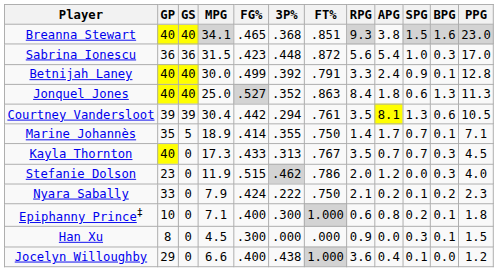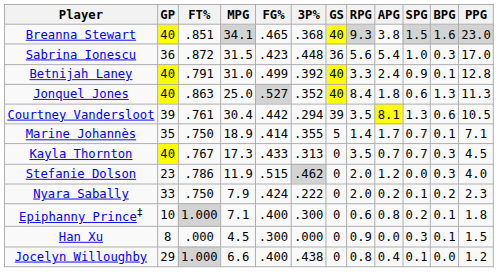 <table class="wikitable sortable" style="text-align:center;">
 <tr>
 <th>Player</th>
 <th>GP</th>
-<th>GS</th>
+<th>FT%</th>
 <th>MPG</th>
 <th>FG%</th>
 <th>3P%</th>
-<th>FT%</th>
+<th>GS</th>
 <th>RPG</th>
 <th>APG</th>
 <th>SPG</th>
 <th>BPG</th>
 <th>PPG</th>
 </tr>
 <tr>
 <td><a href='#'>Breanna Stewart</a></td>
 <td style="background:yellow;">40</td>
-<td style="background:yellow;">40</td>
+<td>.851</td>
 <td style="background:#D3D3D3;">34.1</td>
 <td>.465</td>
 <td>.368</td>
-<td>.851</td>
+<td style="background:yellow;">40</td>
 <td style="background:#D3D3D3;">9.3</td>
 <td>3.8</td>
 <td style="background:#D3D3D3;">1.5</td>
 <td style="background:#D3D3D3;">1.6</td>
 <td style="background:#D3D3D3;">23.0</td>
 </tr>
 <tr>
 <td><a href='#'>Sabrina Ionescu</a></td>
 <td>36</td>
-<td>36</td>
+<td>.872</td>
 <td>31.5</td>
 <td>.423</td>
 <td>.448</td>
-<td>.872</td>
+<td>36</td>
 <td>5.6</td>
 <td>5.4</td>
 <td>1.0</td>
 <td>0.3</td>
 <td>17.0</td>
 </tr>
 <tr>
 <td><a href='#'>Betnijah Laney</a></td>
 <td style="background:yellow;">40</td>
-<td style="background:yellow;">40</td>
-<td>30.0</td>
+<td>.791</td>
+<td>31.0</td>
 <td>.499</td>
 <td>.392</td>
-<td>.791</td>
+<td style="background:yellow;">40</td>
 <td>3.3</td>
 <td>2.4</td>
 <td>0.9</td>
 <td>0.1</td>
 <td>12.8</td>
 </tr>
 <tr>
 <td><a href='#'>Jonquel Jones</a></td>
 <td style="background:yellow;">40</td>
-<td style="background:yellow;">40</td>
+<td>.863</td>
 <td>25.0</td>
 <td style="background:#D3D3D3;">.527</td>
 <td>.352</td>
-<td>.863</td>
+<td style="background:yellow;">40</td>
 <td>8.4</td>
 <td>1.8</td>
 <td>0.6</td>
 <td>1.3</td>
 <td>11.3</td>
 </tr>
 <tr>
 <td><a href='#'>Courtney Vandersloot</a></td>
 <td>39</td>
-<td>39</td>
+<td>.761</td>
 <td>30.4</td>
 <td>.442</td>
 <td>.294</td>
-<td>.761</td>
+<td>39</td>
 <td>3.5</td>
 <td style="background:yellow;">8.1</td>
 <td>1.3</td>
 <td>0.6</td>
 <td>10.5</td>
 </tr>
 <tr>
 <td><a href='#'>Marine Johannès</a></td>
 <td>35</td>
-<td>5</td>
+<td>.750</td>
 <td>18.9</td>
 <td>.414</td>
 <td>.355</td>
-<td>.750</td>
+<td>5</td>
 <td>1.4</td>
 <td>1.7</td>
 <td>0.7</td>
 <td>0.1</td>
 <td>7.1</td>
 </tr>
 <tr>
 <td><a href='#'>Kayla Thornton</a></td>
 <td style="background:yellow;">40</td>
-<td>0</td>
+<td>.767</td>
 <td>17.3</td>
 <td>.433</td>
 <td>.313</td>
-<td>.767</td>
+<td>0</td>
 <td>3.5</td>
 <td>0.7</td>
 <td>0.7</td>
 <td>0.3</td>
 <td>4.5</td>
 </tr>
 <tr>
 <td><a href='#'>Stefanie Dolson</a></td>
 <td>23</td>
-<td>0</td>
+<td>.786</td>
 <td>11.9</td>
 <td>.515</td>
 <td style="background:#D3D3D3;">.462</td>
-<td>.786</td>
+<td>0</td>
 <td>2.0</td>
 <td>1.2</td>
 <td>0.0</td>
 <td>0.3</td>
 <td>4.0</td>
 </tr>
 <tr>
 <td><a href='#'>Nyara Sabally</a></td>
 <td>33</td>
-<td>0</td>
+<td>.750</td>
 <td>7.9</td>
 <td>.424</td>
 <td>.222</td>
-<td>.750</td>
-<td>2.1</td>
+<td>0</td>
+<td>2.0</td>
 <td>0.2</td>
 <td>0.1</td>
 <td>0.2</td>
 <td>2.3</td>
 </tr>
 <tr>
 <td><a href='#'>Epiphanny Prince</a><sup>‡</sup></td>
 <td>10</td>
-<td>0</td>
+<td style="background:#D3D3D3;">1.000</td>
 <td>7.1</td>
 <td>.400</td>
 <td>.300</td>
-<td style="background:#D3D3D3;">1.000</td>
+<td>0</td>
 <td>0.6</td>
 <td>0.8</td>
 <td>0.2</td>
 <td>0.1</td>
 <td>1.8</td>
 </tr>
 <tr>
 <td><a href='#'>Han Xu</a></td>
 <td>8</td>
-<td>0</td>
+<td>.000</td>
 <td>4.5</td>
 <td>.300</td>
 <td>.000</td>
-<td>.000</td>
+<td>0</td>
 <td>0.9</td>
 <td>0.0</td>
 <td>0.3</td>
 <td>0.1</td>
 <td>1.5</td>
 </tr>
 <tr>
 <td><a href='#'>Jocelyn Willoughby</a></td>
 <td>29</td>
-<td>0</td>
+<td style="background:#D3D3D3;">1.000</td>
 <td>6.6</td>
 <td>.400</td>
 <td>.438</td>
-<td style="background:#D3D3D3;">1.000</td>
-<td>3.6</td>
+<td>0</td>
+<td>0.8</td>
 <td>0.4</td>
 <td>0.1</td>
 <td>0.0</td>
 <td>1.2</td>
 </tr>
 </table>
